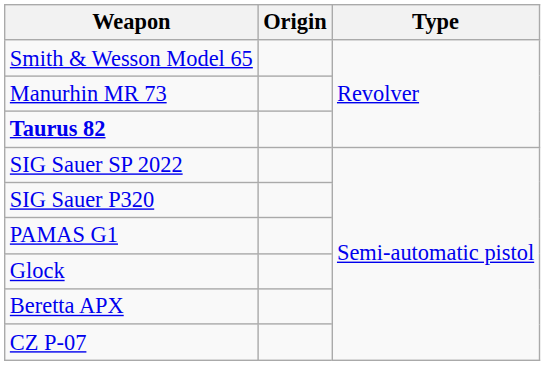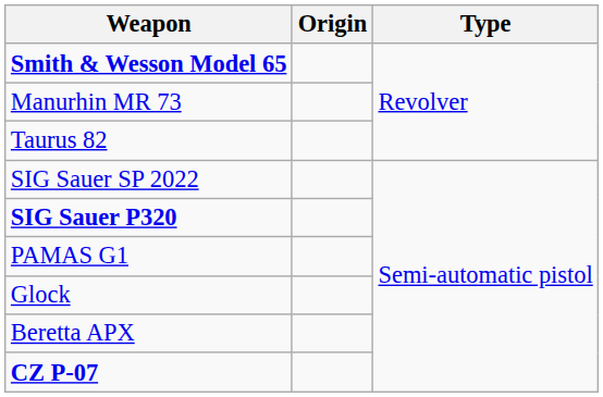 <table class="wikitable">
 <tr>
 <th>Weapon</th>
 <th>Origin</th>
 <th>Type</th>
 </tr>
 <tr>
-<td><a href='#'>Smith & Wesson Model 65</a></td>
+<td><strong><a href='#'>Smith & Wesson Model 65</a></strong></td>
 <td></td>
 <td rowspan="3"><a href='#'>Revolver</a></td>
 </tr>
 <tr>
 <td><a href='#'>Manurhin MR 73</a></td>
 <td></td>
 </tr>
 <tr>
-<td><strong><a href='#'>Taurus 82</a></strong></td>
+<td><a href='#'>Taurus 82</a></td>
 <td></td>
 </tr>
 <tr>
 <td><a href='#'>SIG Sauer SP 2022</a></td>
 <td></td>
 <td rowspan="6"><a href='#'>Semi-automatic pistol</a></td>
 </tr>
 <tr>
-<td><a href='#'>SIG Sauer P320</a></td>
+<td><strong><a href='#'>SIG Sauer P320</a></strong></td>
 <td></td>
 </tr>
 <tr>
 <td><a href='#'>PAMAS G1</a></td>
 <td></td>
 </tr>
 <tr>
 <td><a href='#'>Glock</a></td>
 <td></td>
 </tr>
 <tr>
 <td><a href='#'>Beretta APX</a></td>
 <td></td>
 </tr>
 <tr>
-<td><a href='#'>CZ P-07</a></td>
+<td><strong><a href='#'>CZ P-07</a></strong></td>
 <td></td>
 </tr>
 </table>
